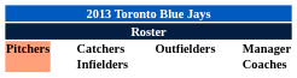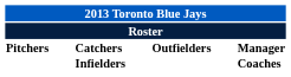 <table class="toccolours" style="font-size: 95%;">
 <tr http://upload.wikimedia.org/wikipedia/en/c/c8/Button_redirect.png>
 <th colspan="10" style="background:#005ac0; color:#fff; text-align:center;">2013 Toronto Blue Jays</th>
 </tr>
 <tr>
 <td colspan="10" style="background:#041E42; color:white; text-align:center;"><strong>Roster</strong></td>
 </tr>
 <tr>
-<td valign="top" style="background: lightsalmon;"><strong>Pitchers</strong><br>                              </td>
+<td valign="top"><strong>Pitchers</strong><br>                              </td>
 <td style="width:25px;"></td>
 <td valign="top"><strong>Catchers</strong><br>    <strong>Infielders</strong>           </td>
 <td style="width:25px;"></td>
 <td valign="top"><strong>Outfielders</strong><br>      </td>
 <td style="width:25px;"></td>
 <td valign="top"><strong>Manager</strong><br> <strong>Coaches</strong>              </td>
 </tr>
 </table>
